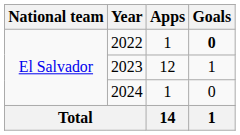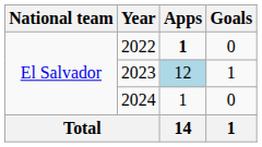 <table class="wikitable" style="text-align:center">
 <tr>
 <th>National team</th>
 <th>Year</th>
 <th>Apps</th>
 <th>Goals</th>
 </tr>
 <tr>
 <td rowspan="3"><a href='#'>El Salvador</a></td>
 <td>2022</td>
-<td>1</td>
-<td><strong>0</strong></td>
+<td><strong>1</strong></td>
+<td>0</td>
 </tr>
 <tr>
 <td>2023</td>
-<td>12</td>
+<td style="background: lightblue;">12</td>
 <td>1</td>
 </tr>
 <tr>
 <td>2024</td>
 <td>1</td>
 <td>0</td>
 </tr>
 <tr>
 <th colspan="2">Total</th>
 <th>14</th>
 <th>1</th>
 </tr>
 </table>
